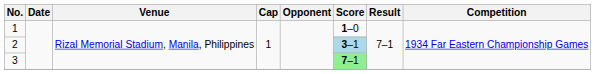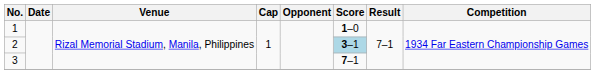 <table class="wikitable sortable">
 <tr>
 <th scope="col">No.</th>
 <th scope="col">Date</th>
 <th scope="col">Venue</th>
 <th scope="col">Cap</th>
 <th scope="col">Opponent</th>
 <th scope="col">Score</th>
 <th scope="col">Result</th>
 <th scope="col">Competition</th>
 </tr>
 <tr>
 <td align="center">1</td>
 <td rowspan="3"></td>
 <td rowspan="3"><a href='#'>Rizal Memorial Stadium</a>, <a href='#'>Manila</a>, Philippines</td>
 <td rowspan="3" align="center">1</td>
 <td rowspan="3"></td>
 <td align="center"><strong>1</strong>–0</td>
 <td align="center" rowspan="3">7–1</td>
 <td rowspan="3"><a href='#'>1934 Far Eastern Championship Games</a></td>
 </tr>
 <tr>
 <td align="center">2</td>
 <td align=center style="background: lightblue;"><strong>3</strong>–1</td>
 </tr>
 <tr>
 <td align="center">3</td>
-<td align="center" style="background: lightgreen;"><strong>7</strong>–1</td>
+<td align="center"><strong>7</strong>–1</td>
 </tr>
 <tr>
 </tr>
 </table>
